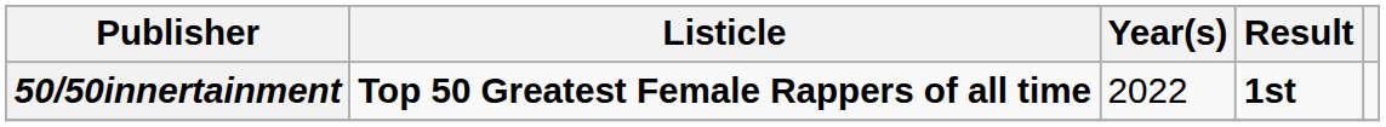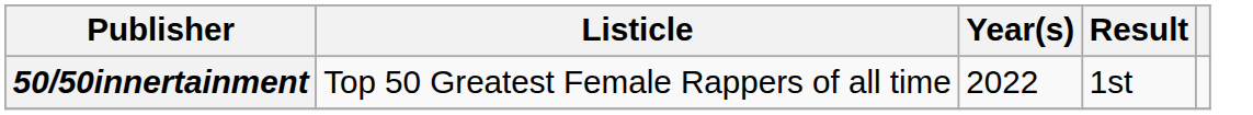 <table class="wikitable plainrowheaders sortable" style="margin-right: 0;">
 <tr>
 <th scope="col">Publisher</th>
 <th scope="col">Listicle</th>
 <th scope="col">Year(s)</th>
 <th scope="col">Result</th>
 <th scope="col" class="unsortable"></th>
 </tr>
 <tr>
 <th scope="row"><em>50/50innertainment</em></th>
-<td><strong>Top 50 Greatest Female Rappers of all time</strong></td>
+<td>Top 50 Greatest Female Rappers of all time</td>
 <td>2022</td>
-<td><strong>1st</strong></td>
+<td>1st</td>
 <td></td>
 </tr>
 <tr>
 </tr>
 </table>
